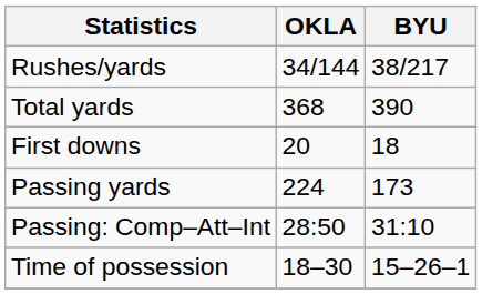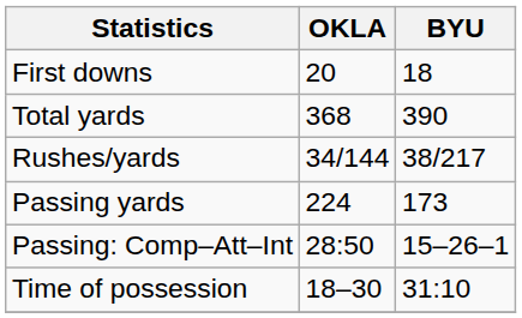 <table class="wikitable" style="float: left;">
 <tr>
 <th>Statistics</th>
 <th>OKLA</th>
 <th>BYU</th>
 </tr>
 <tr>
-<td>Rushes/yards</td>
-<td>34/144</td>
-<td>38/217</td>
+<td>First downs</td>
+<td>20</td>
+<td>18</td>
 </tr>
 <tr>
 <td>Total yards</td>
 <td>368</td>
 <td>390</td>
 </tr>
 <tr>
-<td>First downs</td>
-<td>20</td>
-<td>18</td>
+<td>Rushes/yards</td>
+<td>34/144</td>
+<td>38/217</td>
 </tr>
 <tr>
 <td>Passing yards</td>
 <td>224</td>
 <td>173</td>
 </tr>
 <tr>
 <td>Passing: Comp–Att–Int</td>
 <td>28:50</td>
-<td>31:10</td>
+<td>15–26–1</td>
 </tr>
 <tr>
 <td>Time of possession</td>
 <td>18–30</td>
-<td>15–26–1</td>
+<td>31:10</td>
 </tr>
 <tr>
 </tr>
 </table>
